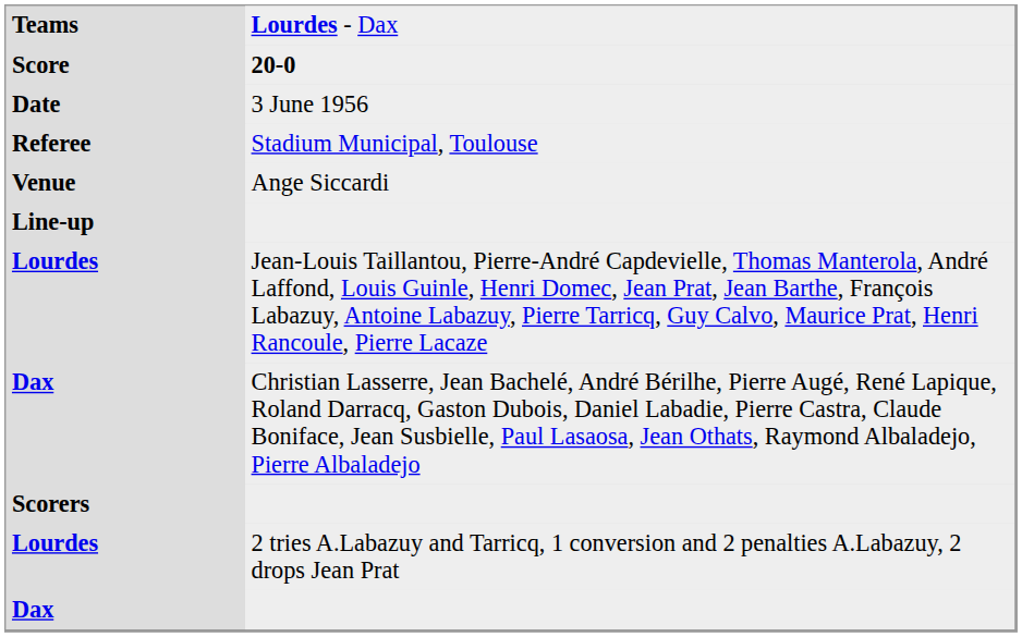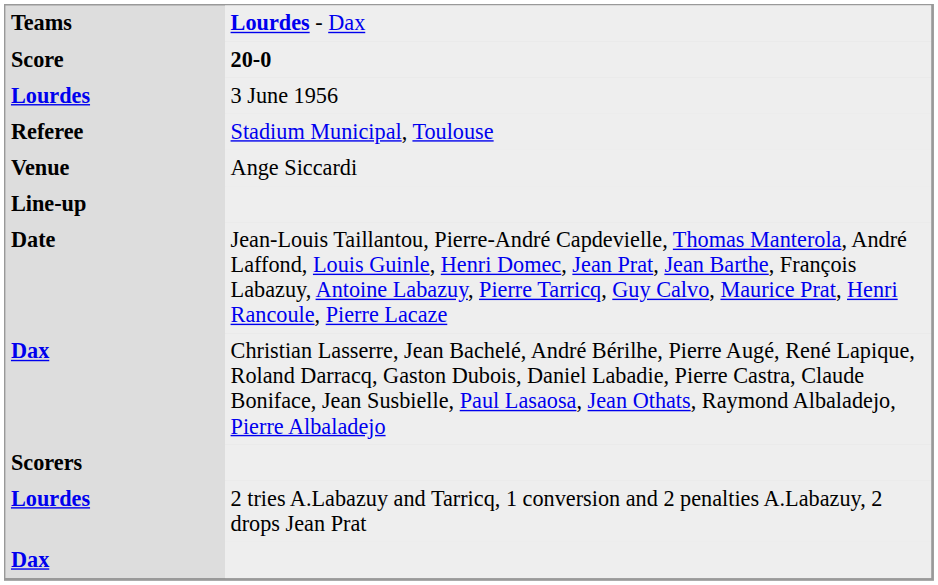 <table align="left" cellpadding="4" cellspacing="0"  style="margin: 0 0 0 0; border: 1px solid #999; border-right-width: 2px; border-bottom-width: 2px; background-color: #DDDDDD">
 <tr>
 <td width="150" valign="top"><strong>Teams</strong></td>
 <td width="500" bgcolor=#EEEEEE><strong><a href='#'>Lourdes</a></strong> - <a href='#'>Dax</a></td>
 </tr>
 <tr>
 <td valign="top"><strong>Score</strong></td>
 <td bgcolor=#EEEEEE><strong>20-0</strong></td>
 </tr>
 <tr>
-<td valign="top"><strong>Date</strong></td>
+<td valign="top"><strong> <a href='#'>Lourdes</a> </strong></td>
 <td bgcolor=#EEEEEE>3 June 1956</td>
 </tr>
 <tr>
 <td valign="top"><strong>Referee</strong></td>
 <td bgcolor=#EEEEEE><a href='#'>Stadium Municipal</a>, <a href='#'>Toulouse</a></td>
 </tr>
 <tr>
 <td valign="top"><strong>Venue</strong></td>
 <td bgcolor=#EEEEEE>Ange Siccardi</td>
 </tr>
 <tr>
 <td valign="top"><strong>Line-up</strong></td>
 <td bgcolor=#EEEEEE></td>
 </tr>
 <tr>
-<td valign="top"><strong> <a href='#'>Lourdes</a> </strong></td>
+<td valign="top"><strong>Date</strong></td>
 <td bgcolor=#EEEEEE>Jean-Louis Taillantou, Pierre-André Capdevielle, <a href='#'>Thomas Manterola</a>, André Laffond, <a href='#'>Louis Guinle</a>, <a href='#'>Henri Domec</a>, <a href='#'>Jean Prat</a>, <a href='#'>Jean Barthe</a>, François Labazuy, <a href='#'>Antoine Labazuy</a>, <a href='#'>Pierre Tarricq</a>, <a href='#'>Guy Calvo</a>, <a href='#'>Maurice Prat</a>, <a href='#'>Henri Rancoule</a>, <a href='#'>Pierre Lacaze</a></td>
 </tr>
 <tr>
 <td valign="top"><strong><a href='#'>Dax</a></strong></td>
 <td bgcolor=#EEEEEE>Christian Lasserre, Jean Bachelé, André Bérilhe,  Pierre Augé, René Lapique, Roland Darracq, Gaston Dubois, Daniel Labadie, Pierre Castra, Claude Boniface, Jean Susbielle, <a href='#'>Paul Lasaosa</a>, <a href='#'>Jean Othats</a>,  Raymond Albaladejo, <a href='#'>Pierre Albaladejo</a></td>
 </tr>
 <tr>
 <td valign="top"><strong>Scorers</strong></td>
 <td bgcolor=#EEEEEE></td>
 </tr>
 <tr>
 <td valign="top"><strong><a href='#'>Lourdes</a>  </strong></td>
 <td bgcolor=#EEEEEE>2 tries A.Labazuy and Tarricq,  1 conversion and 2 penalties  A.Labazuy, 2 drops Jean Prat</td>
 </tr>
 <tr>
 <td valign="top"><strong><a href='#'>Dax</a></strong></td>
 <td bgcolor=#EEEEEE></td>
 </tr>
 </table>
